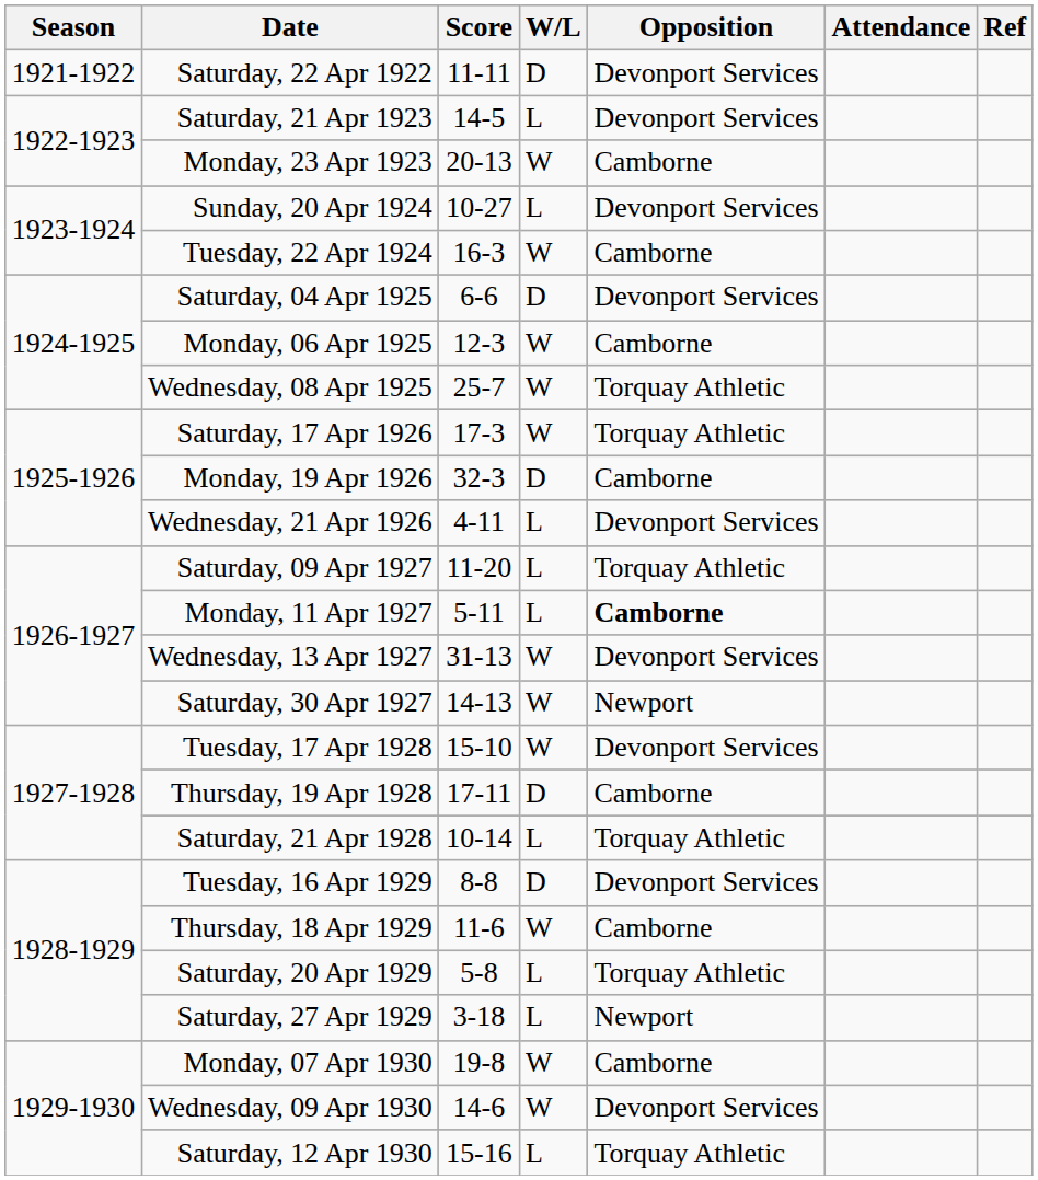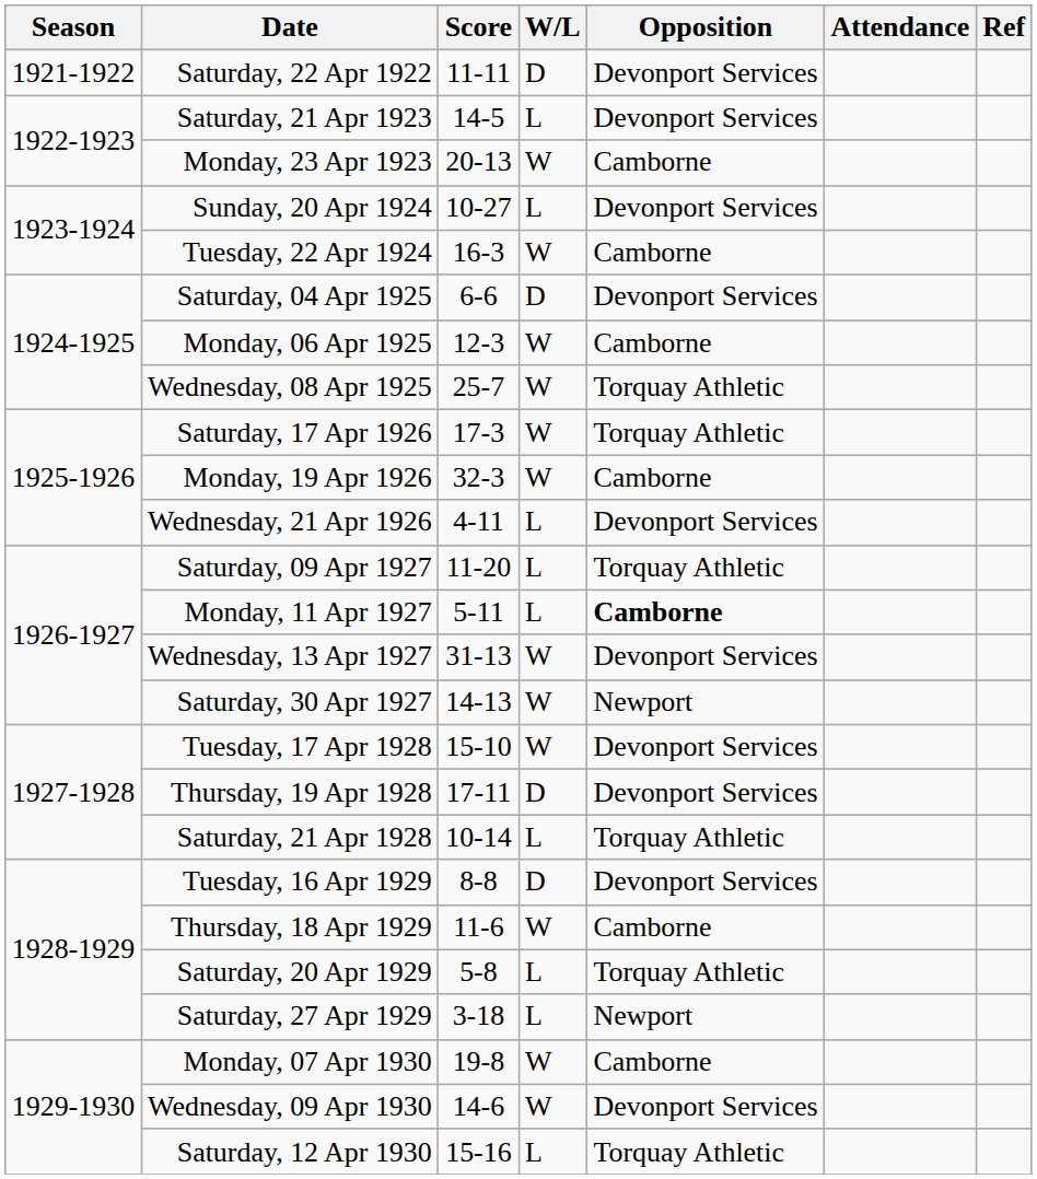 <table class="wikitable">
 <tr>
 <th>Season</th>
 <th>Date</th>
 <th>Score</th>
 <th>W/L</th>
 <th>Opposition</th>
 <th>Attendance</th>
 <th>Ref</th>
 </tr>
 <tr>
 <td>1921-1922</td>
 <td style="text-align:right;">Saturday, 22 Apr 1922</td>
 <td style="text-align:center;">11-11</td>
 <td style="text-align:left;">D</td>
 <td>Devonport Services</td>
 <td></td>
 <td></td>
 </tr>
 <tr>
 <td rowspan=2>1922-1923</td>
 <td style="text-align:right;">Saturday, 21 Apr 1923</td>
 <td style="text-align:center;">14-5</td>
 <td style="text-align:left;">L</td>
 <td>Devonport Services</td>
 <td></td>
 </tr>
 <tr>
 <td style="text-align:right;">Monday, 23 Apr 1923</td>
 <td style="text-align:center;">20-13</td>
 <td style="text-align:left;">W</td>
 <td>Camborne</td>
 <td></td>
 <td></td>
 </tr>
 <tr>
 <td rowspan=2>1923-1924</td>
 <td style="text-align:right;">Sunday, 20 Apr 1924</td>
 <td style="text-align:center;">10-27</td>
 <td style="text-align:left;">L</td>
 <td>Devonport Services</td>
 <td></td>
 </tr>
 <tr>
 <td style="text-align:right;">Tuesday, 22 Apr 1924</td>
 <td style="text-align:center;">16-3</td>
 <td style="text-align:left;">W</td>
 <td>Camborne</td>
 <td></td>
 <td></td>
 </tr>
 <tr>
 <td rowspan=3>1924-1925</td>
 <td style="text-align:right;">Saturday, 04 Apr 1925</td>
 <td style="text-align:center;">6-6</td>
 <td style="text-align:left;">D</td>
 <td>Devonport Services</td>
 <td></td>
 </tr>
 <tr>
 <td style="text-align:right;">Monday, 06 Apr 1925</td>
 <td style="text-align:center;">12-3</td>
 <td style="text-align:left;">W</td>
 <td>Camborne</td>
 <td></td>
 <td></td>
 </tr>
 <tr>
 <td style="text-align:right;">Wednesday, 08 Apr 1925</td>
 <td style="text-align:center;">25-7</td>
 <td style="text-align:left;">W</td>
 <td>Torquay Athletic</td>
 <td></td>
 <td></td>
 </tr>
 <tr>
 <td rowspan=3>1925-1926</td>
 <td style="text-align:right;">Saturday, 17 Apr 1926</td>
 <td style="text-align:center;">17-3</td>
 <td style="text-align:left;">W</td>
 <td>Torquay Athletic</td>
 <td></td>
 </tr>
 <tr>
 <td style="text-align:right;">Monday, 19 Apr 1926</td>
 <td style="text-align:center;">32-3</td>
-<td style="text-align:left;">D</td>
+<td style="text-align:left;">W</td>
 <td>Camborne</td>
 <td></td>
 <td></td>
 </tr>
 <tr>
 <td style="text-align:right;">Wednesday, 21 Apr 1926</td>
 <td style="text-align:center;">4-11</td>
 <td style="text-align:left;">L</td>
 <td>Devonport Services</td>
 <td></td>
 <td></td>
 </tr>
 <tr>
 <td rowspan=4>1926-1927</td>
 <td style="text-align:right;">Saturday, 09 Apr 1927</td>
 <td style="text-align:center;">11-20</td>
 <td style="text-align:left;">L</td>
 <td>Torquay Athletic</td>
 <td></td>
 <td></td>
 </tr>
 <tr>
 <td style="text-align:right;">Monday, 11 Apr 1927</td>
 <td style="text-align:center;">5-11</td>
 <td style="text-align:left;">L</td>
 <td><strong>Camborne</strong></td>
 <td></td>
 <td></td>
 </tr>
 <tr>
 <td style="text-align:right;">Wednesday, 13 Apr 1927</td>
 <td style="text-align:center;">31-13</td>
 <td style="text-align:left;">W</td>
 <td>Devonport Services</td>
 <td></td>
 </tr>
 <tr>
 <td style="text-align:right;">Saturday, 30 Apr 1927</td>
 <td style="text-align:center;">14-13</td>
 <td style="text-align:left;">W</td>
 <td>Newport</td>
 <td></td>
 <td></td>
 </tr>
 <tr>
 <td rowspan=3>1927-1928</td>
 <td style="text-align:right;">Tuesday, 17 Apr 1928</td>
 <td style="text-align:center;">15-10</td>
 <td style="text-align:left;">W</td>
 <td>Devonport Services</td>
 <td></td>
 </tr>
 <tr>
 <td style="text-align:right;">Thursday, 19 Apr 1928</td>
 <td style="text-align:center;">17-11</td>
 <td style="text-align:left;">D</td>
-<td>Camborne</td>
+<td>Devonport Services</td>
 <td></td>
 <td></td>
 </tr>
 <tr>
 <td style="text-align:right;">Saturday, 21 Apr 1928</td>
 <td style="text-align:center;">10-14</td>
 <td style="text-align:left;">L</td>
 <td>Torquay Athletic</td>
 <td></td>
 <td></td>
 </tr>
 <tr>
 <td rowspan=4>1928-1929</td>
 <td style="text-align:right;">Tuesday, 16 Apr 1929</td>
 <td style="text-align:center;">8-8</td>
 <td style="text-align:left;">D</td>
 <td>Devonport Services</td>
 <td></td>
 <td></td>
 </tr>
 <tr>
 <td style="text-align:right;">Thursday, 18 Apr 1929</td>
 <td style="text-align:center;">11-6</td>
 <td style="text-align:left;">W</td>
 <td>Camborne</td>
 <td></td>
 <td></td>
 </tr>
 <tr>
 <td style="text-align:right;">Saturday, 20 Apr 1929</td>
 <td style="text-align:center;">5-8</td>
 <td style="text-align:left;">L</td>
 <td>Torquay Athletic</td>
 <td></td>
 </tr>
 <tr>
 <td style="text-align:right;">Saturday, 27 Apr 1929</td>
 <td style="text-align:center;">3-18</td>
 <td style="text-align:left;">L</td>
 <td>Newport</td>
 <td></td>
 <td></td>
 </tr>
 <tr>
 <td rowspan=3>1929-1930</td>
 <td style="text-align:right;">Monday, 07 Apr 1930</td>
 <td style="text-align:center;">19-8</td>
 <td style="text-align:left;">W</td>
 <td>Camborne</td>
 <td></td>
 </tr>
 <tr>
 <td style="text-align:right;">Wednesday, 09 Apr 1930</td>
 <td style="text-align:center;">14-6</td>
 <td style="text-align:left;">W</td>
 <td>Devonport Services</td>
 <td></td>
 <td></td>
 </tr>
 <tr>
 <td style="text-align:right;">Saturday, 12 Apr 1930</td>
 <td style="text-align:center;">15-16</td>
 <td style="text-align:left;">L</td>
 <td>Torquay Athletic</td>
 <td></td>
 <td></td>
 </tr>
 </table>
